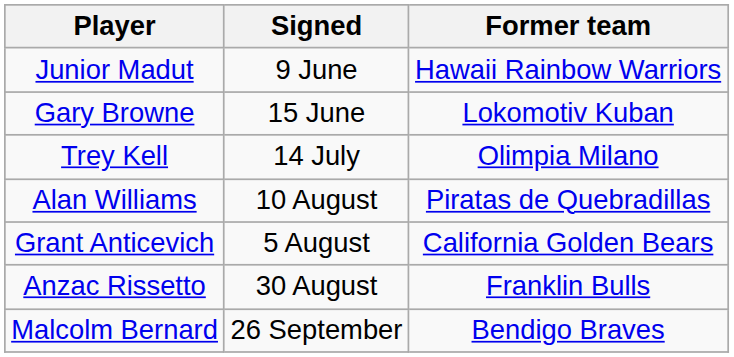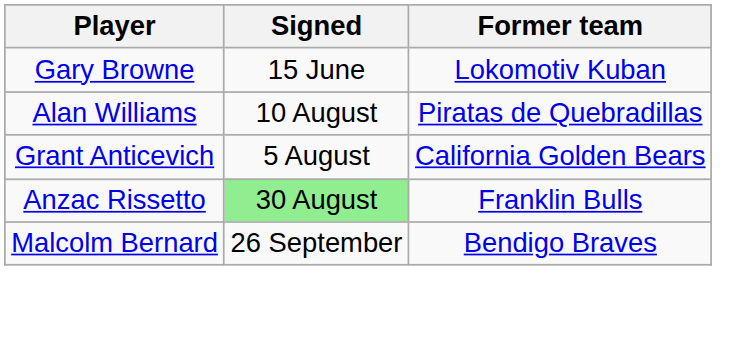 <table class="wikitable sortable sortable" style="text-align: center">
 <tr>
 <th>Player</th>
 <th>Signed</th>
 <th>Former team</th>
 </tr>
 <tr>
-<td><a href='#'>Junior Madut</a></td>
-<td>9 June</td>
-<td><a href='#'>Hawaii Rainbow Warriors</a></td>
-</tr>
-<tr>
 <td><a href='#'>Gary Browne</a></td>
 <td>15 June</td>
 <td><a href='#'>Lokomotiv Kuban</a></td>
-</tr>
-<tr>
-<td><a href='#'>Trey Kell</a></td>
-<td>14 July</td>
-<td><a href='#'>Olimpia Milano</a></td>
 </tr>
 <tr>
 <td><a href='#'>Alan Williams</a></td>
 <td>10 August</td>
 <td><a href='#'>Piratas de Quebradillas</a></td>
 </tr>
 <tr>
 <td><a href='#'>Grant Anticevich</a></td>
 <td>5 August</td>
 <td><a href='#'>California Golden Bears</a></td>
 </tr>
 <tr>
 <td><a href='#'>Anzac Rissetto</a></td>
-<td>30 August</td>
+<td style="background: lightgreen;">30 August</td>
 <td><a href='#'>Franklin Bulls</a></td>
 </tr>
 <tr>
 <td><a href='#'>Malcolm Bernard</a></td>
 <td>26 September</td>
 <td><a href='#'>Bendigo Braves</a></td>
 </tr>
 </table>
